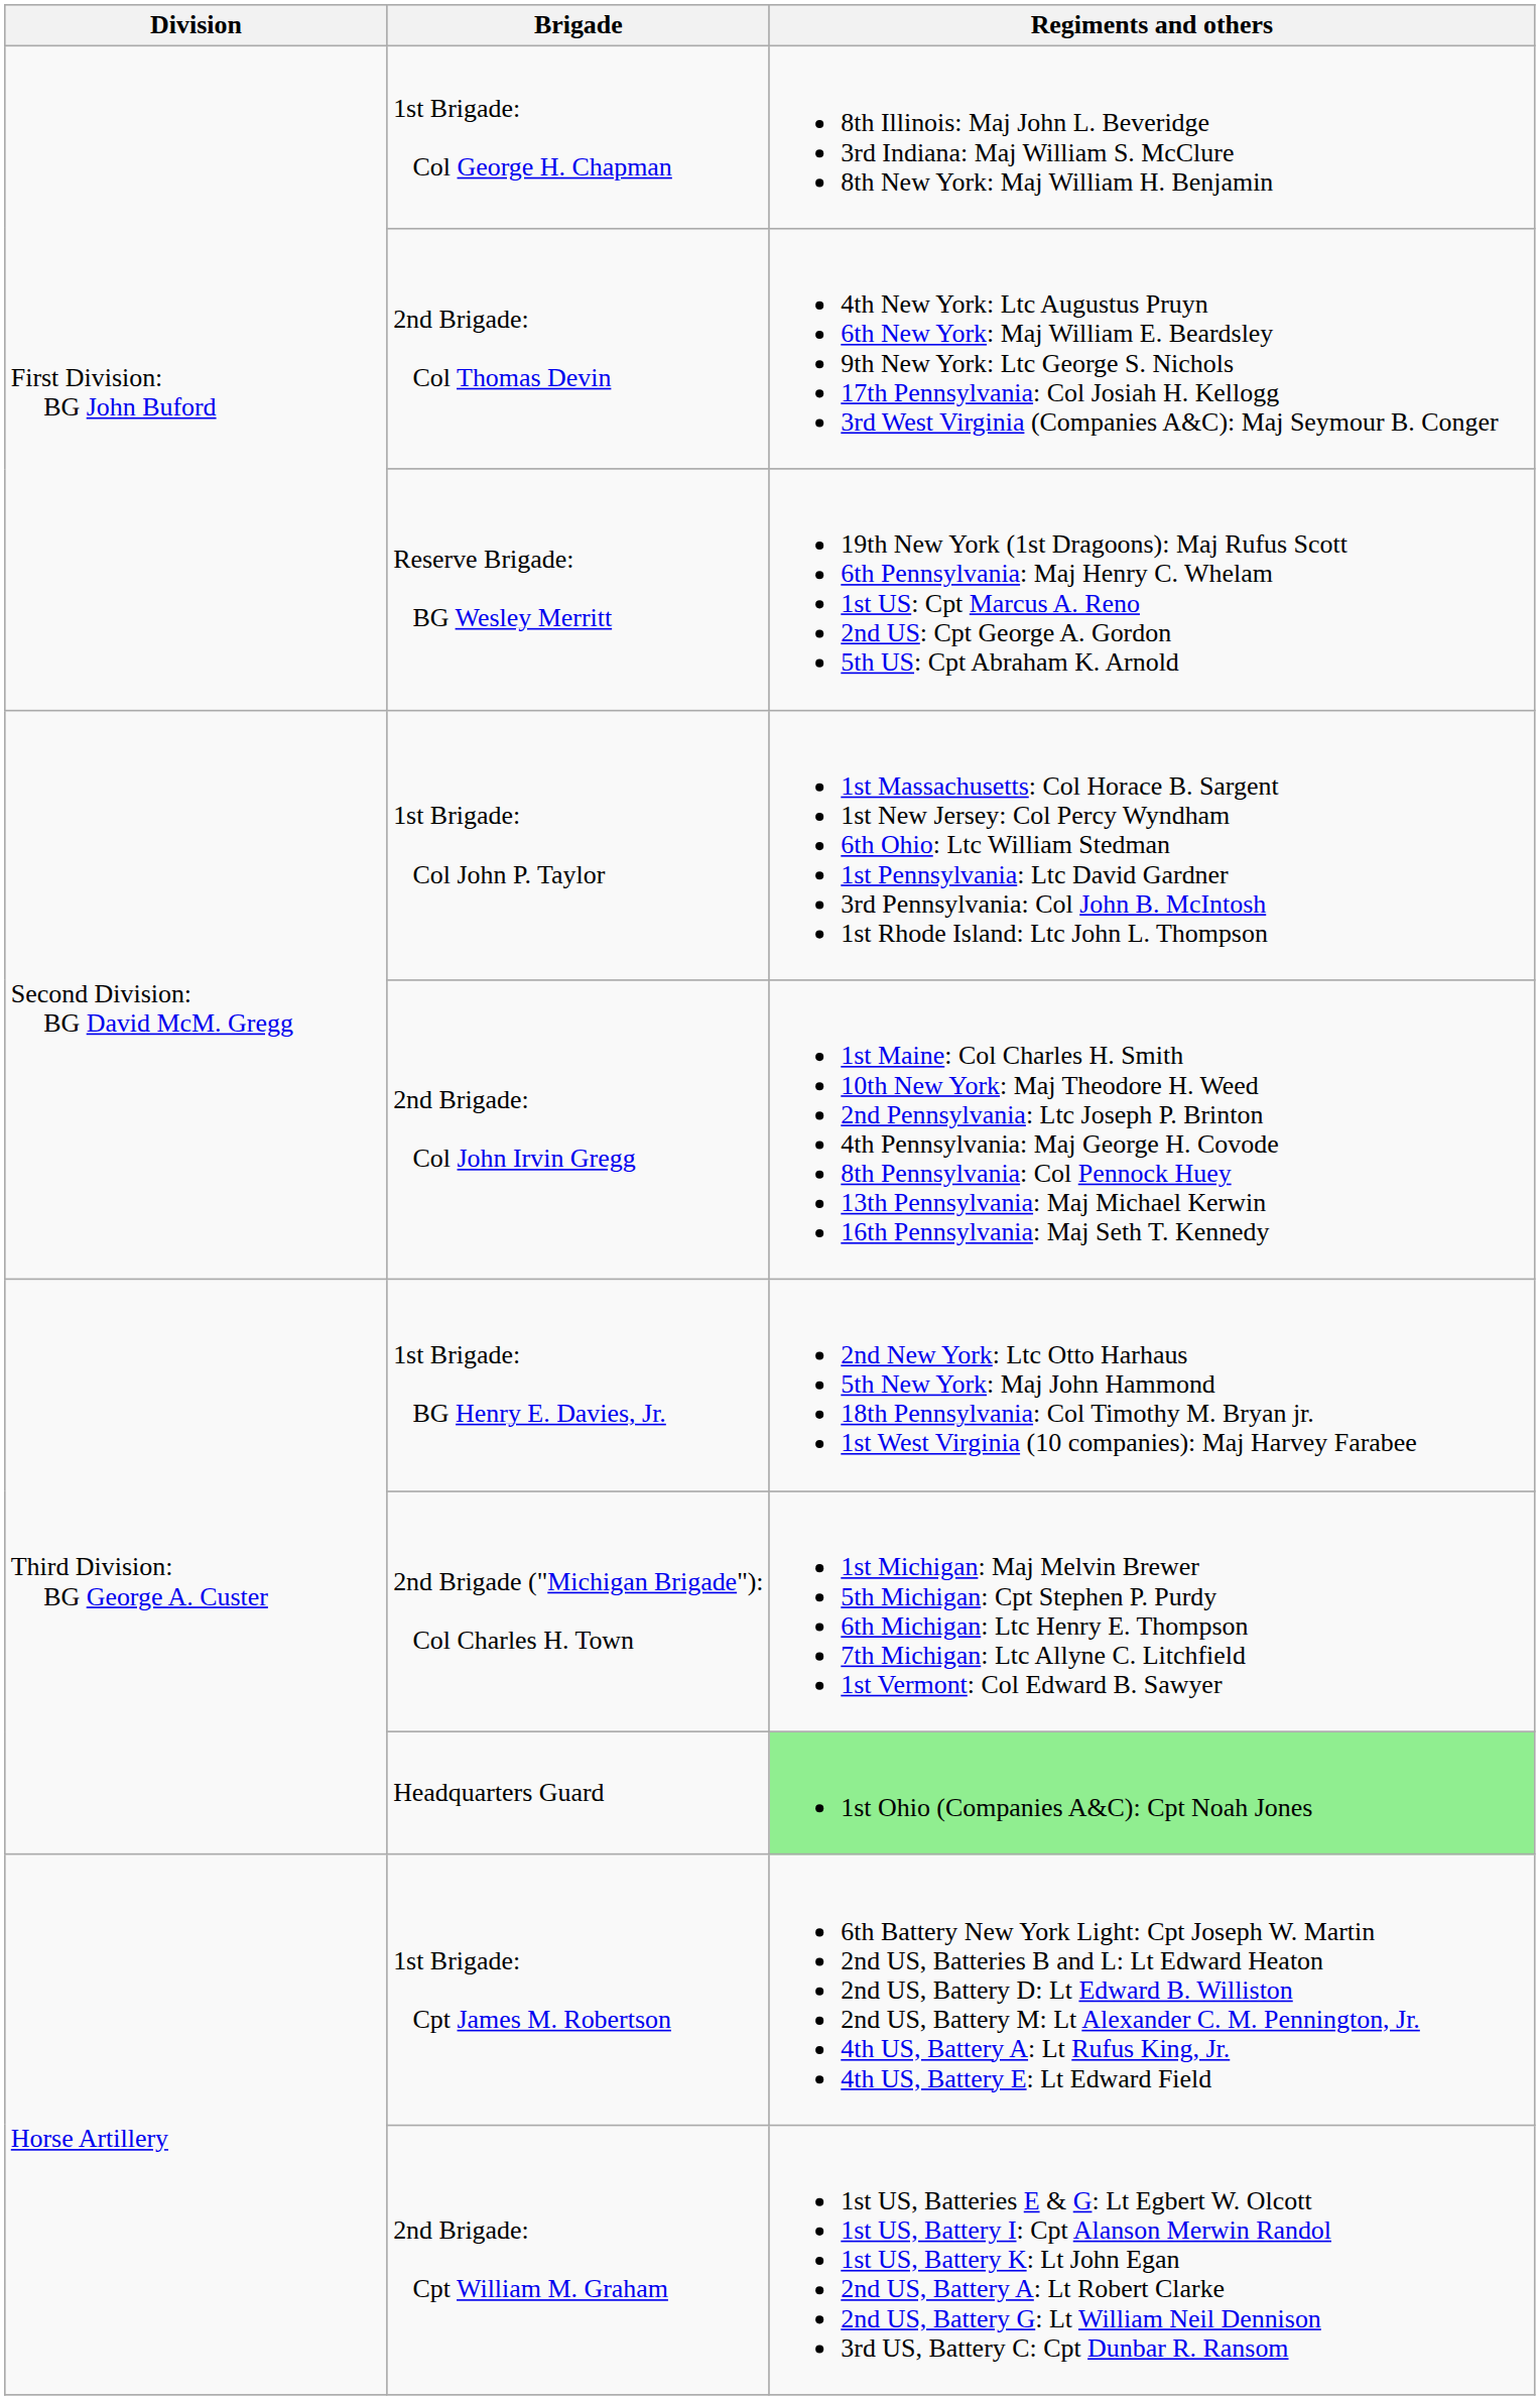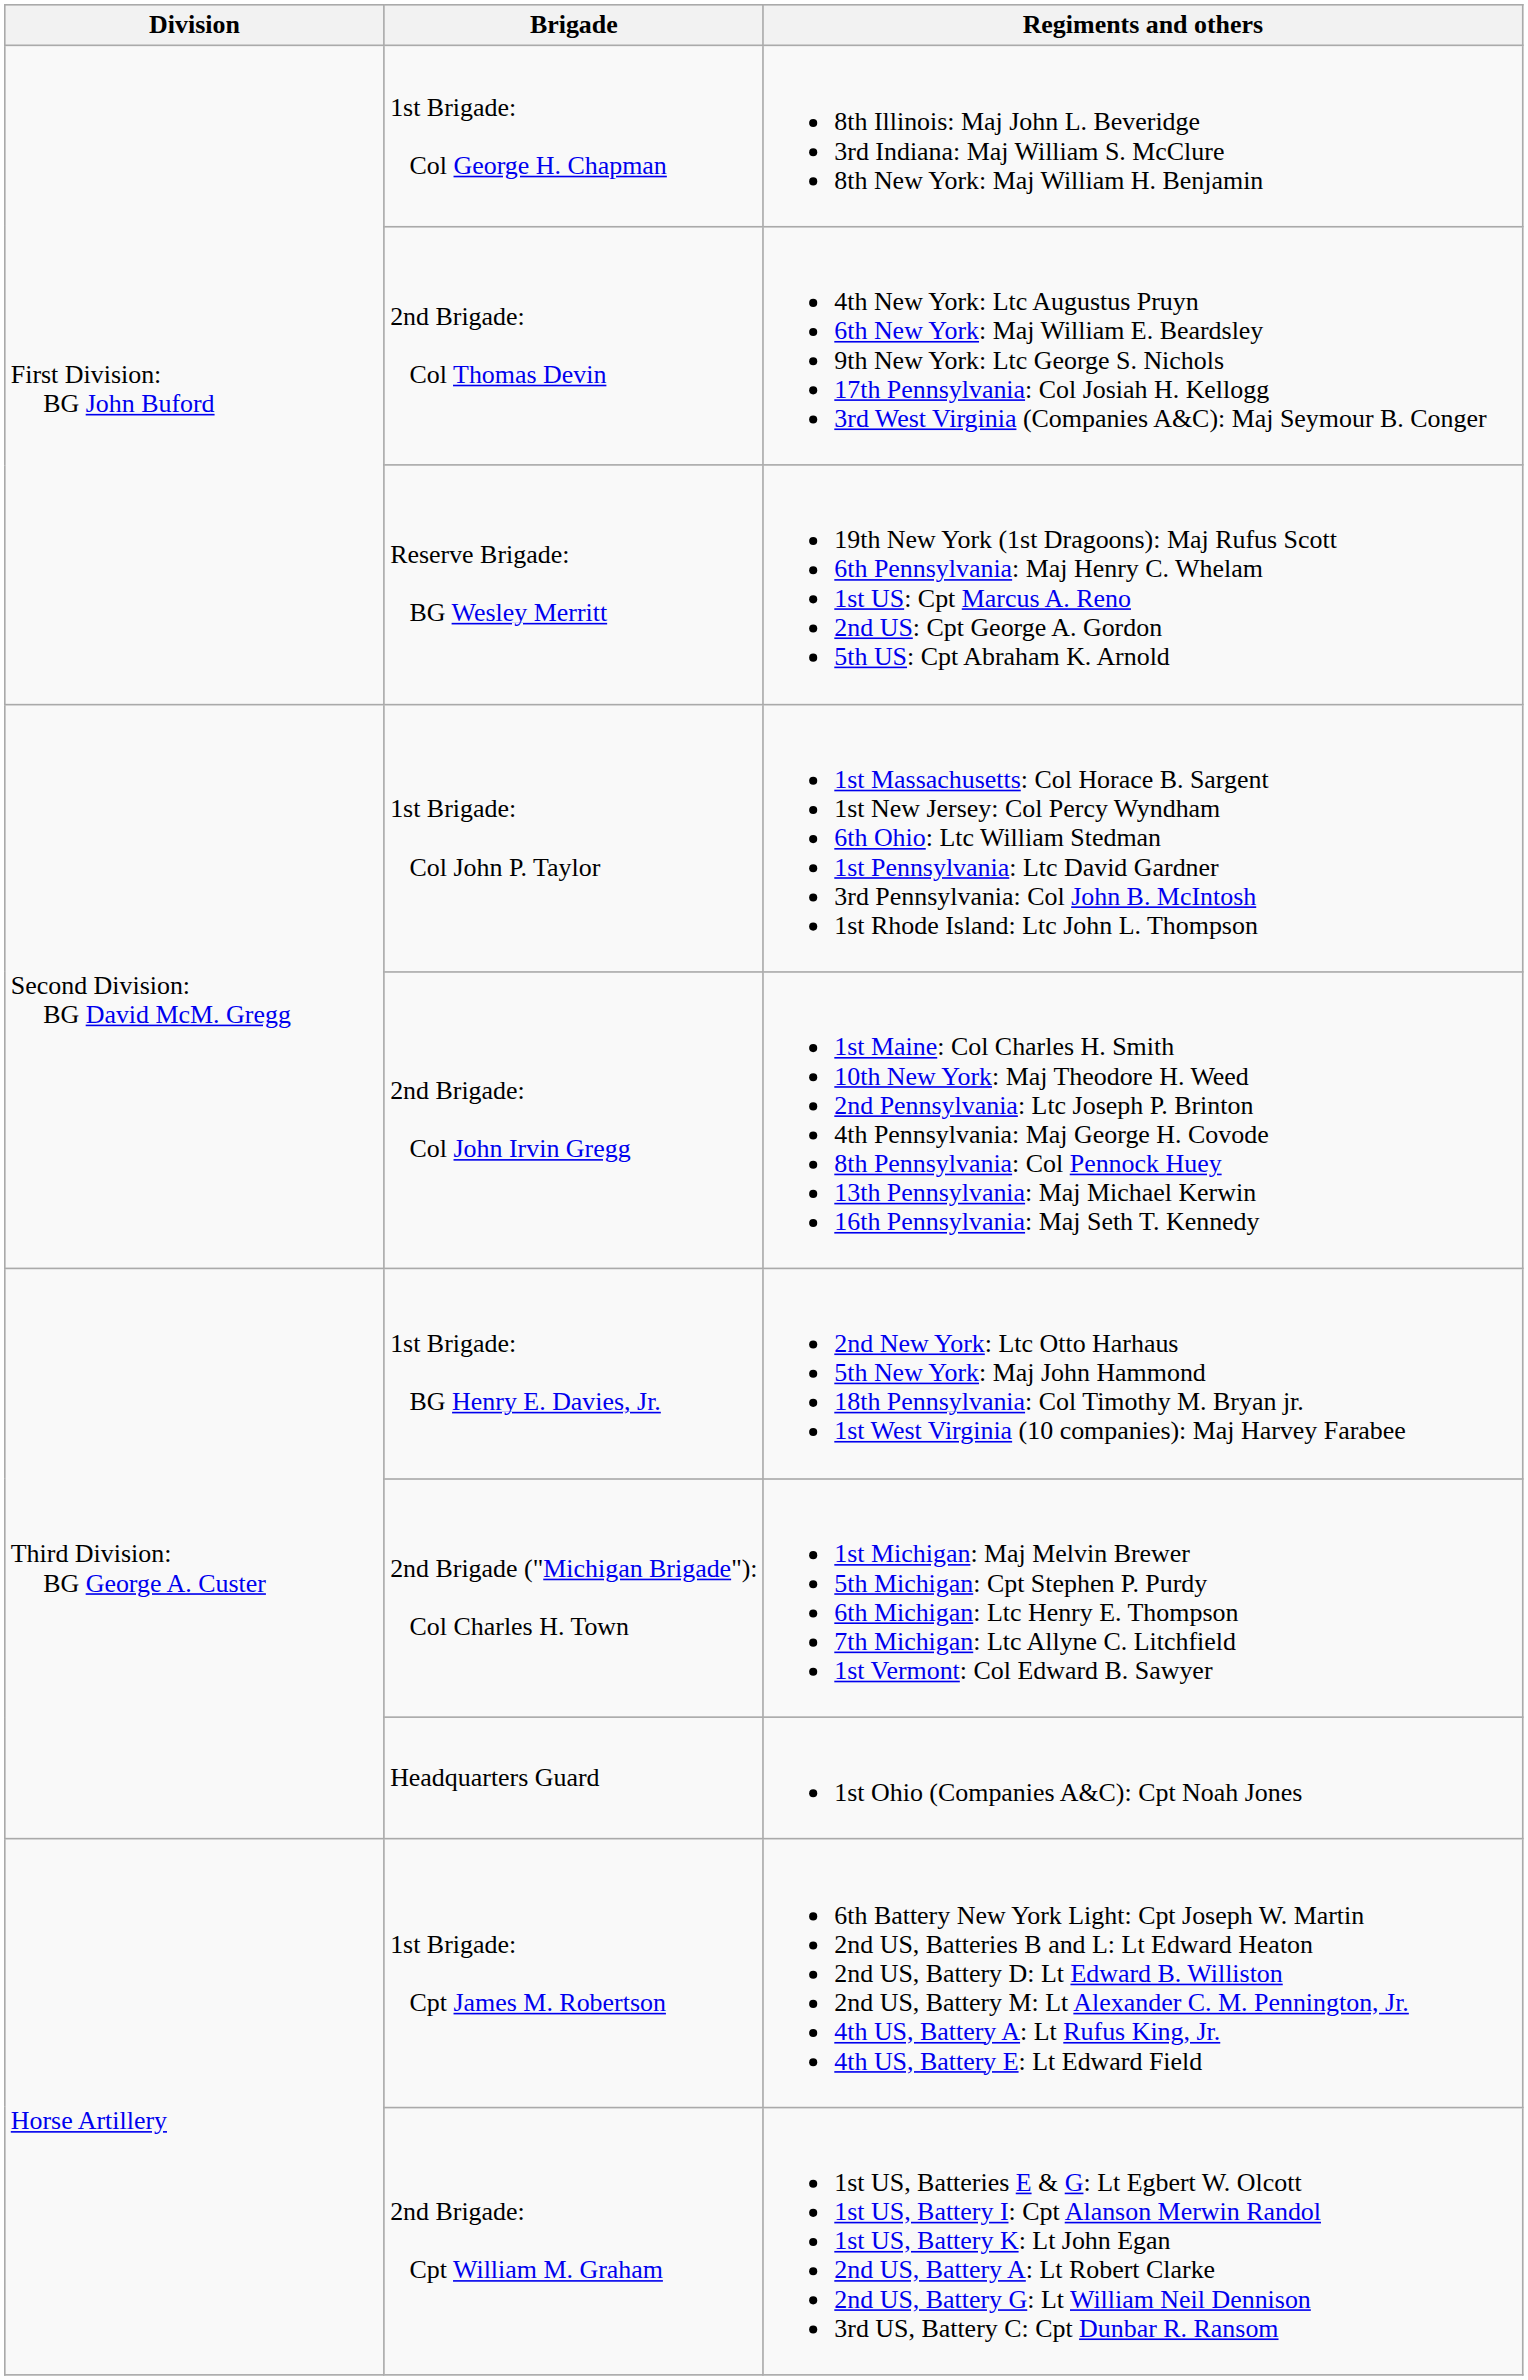 <table class="wikitable">
 <tr>
 <th width=25%>Division</th>
 <th width=25%>Brigade</th>
 <th>Regiments and others</th>
 </tr>
 <tr>
 <td rowspan=3><br>First Division: <br>     BG <a href='#'>John Buford</a></td>
 <td>1st Brigade:<br><br>   Col <a href='#'>George H. Chapman</a></td>
 <td><br><ul><li>8th Illinois: Maj John L. Beveridge</li><li>3rd Indiana: Maj William S. McClure</li><li>8th New York: Maj William H. Benjamin</li></ul></td>
 </tr>
 <tr>
 <td>2nd Brigade:<br><br>   Col <a href='#'>Thomas Devin</a></td>
 <td><br><ul><li>4th New York: Ltc Augustus Pruyn</li><li><a href='#'>6th New York</a>: Maj William E. Beardsley</li><li>9th New York: Ltc George S. Nichols</li><li><a href='#'>17th Pennsylvania</a>: Col Josiah H. Kellogg</li><li><a href='#'>3rd West Virginia</a> (Companies A&C): Maj Seymour B. Conger</li></ul></td>
 </tr>
 <tr>
 <td>Reserve Brigade:<br><br>   BG <a href='#'>Wesley Merritt</a></td>
 <td><br><ul><li>19th New York (1st Dragoons): Maj Rufus Scott</li><li><a href='#'>6th Pennsylvania</a>: Maj Henry C. Whelam</li><li><a href='#'>1st US</a>: Cpt <a href='#'>Marcus A. Reno</a></li><li><a href='#'>2nd US</a>: Cpt George A. Gordon</li><li><a href='#'>5th US</a>: Cpt Abraham K. Arnold</li></ul></td>
 </tr>
 <tr>
 <td rowspan=2><br>Second Division: <br>     BG <a href='#'>David McM. Gregg</a></td>
 <td>1st Brigade:<br><br>   Col John P. Taylor</td>
 <td><br><ul><li><a href='#'>1st Massachusetts</a>: Col Horace B. Sargent</li><li>1st New Jersey: Col Percy Wyndham</li><li><a href='#'>6th Ohio</a>: Ltc William Stedman</li><li><a href='#'>1st Pennsylvania</a>: Ltc David Gardner</li><li>3rd Pennsylvania: Col <a href='#'>John B. McIntosh</a></li><li>1st Rhode Island: Ltc John L. Thompson</li></ul></td>
 </tr>
 <tr>
 <td>2nd Brigade:<br><br>   Col <a href='#'>John Irvin Gregg</a></td>
 <td><br><ul><li><a href='#'>1st Maine</a>: Col Charles H. Smith</li><li><a href='#'>10th New York</a>: Maj Theodore H. Weed</li><li><a href='#'>2nd Pennsylvania</a>: Ltc Joseph P. Brinton</li><li>4th Pennsylvania: Maj George H. Covode</li><li><a href='#'>8th Pennsylvania</a>: Col <a href='#'>Pennock Huey</a></li><li><a href='#'>13th Pennsylvania</a>: Maj Michael Kerwin</li><li><a href='#'>16th Pennsylvania</a>: Maj Seth T. Kennedy</li></ul></td>
 </tr>
 <tr>
 <td rowspan=3><br>Third Division: <br>     BG <a href='#'>George A. Custer</a></td>
 <td>1st Brigade:<br><br>   BG <a href='#'>Henry E. Davies, Jr.</a></td>
 <td><br><ul><li><a href='#'>2nd New York</a>: Ltc Otto Harhaus</li><li><a href='#'>5th New York</a>: Maj John Hammond</li><li><a href='#'>18th Pennsylvania</a>: Col Timothy M. Bryan jr.</li><li><a href='#'>1st West Virginia</a> (10 companies): Maj Harvey Farabee</li></ul></td>
 </tr>
 <tr>
 <td>2nd Brigade ("<a href='#'>Michigan Brigade</a>"):<br><br>   Col Charles H. Town</td>
 <td><br><ul><li><a href='#'>1st Michigan</a>: Maj Melvin Brewer</li><li><a href='#'>5th Michigan</a>: Cpt Stephen P. Purdy</li><li><a href='#'>6th Michigan</a>: Ltc Henry E. Thompson</li><li><a href='#'>7th Michigan</a>: Ltc Allyne C. Litchfield</li><li><a href='#'>1st Vermont</a>: Col Edward B. Sawyer</li></ul></td>
 </tr>
 <tr>
 <td>Headquarters Guard</td>
-<td style="background: lightgreen;"><br><ul><li>1st Ohio (Companies A&C): Cpt Noah Jones</li></ul></td>
+<td><br><ul><li>1st Ohio (Companies A&C): Cpt Noah Jones</li></ul></td>
 </tr>
 <tr>
 <td rowspan=2><br><a href='#'>Horse Artillery</a></td>
 <td>1st Brigade:<br><br>   Cpt <a href='#'>James M. Robertson</a></td>
 <td><br><ul><li>6th Battery New York Light: Cpt Joseph W. Martin</li><li>2nd US, Batteries B and L: Lt Edward Heaton</li><li>2nd US, Battery D: Lt <a href='#'>Edward B. Williston</a></li><li>2nd US, Battery M: Lt <a href='#'>Alexander C. M. Pennington, Jr.</a></li><li><a href='#'>4th US, Battery A</a>: Lt <a href='#'>Rufus King, Jr.</a></li><li><a href='#'>4th US, Battery E</a>: Lt Edward Field</li></ul></td>
 </tr>
 <tr>
 <td>2nd Brigade:<br><br>   Cpt <a href='#'>William M. Graham</a></td>
 <td><br><ul><li>1st US, Batteries <a href='#'>E</a> & <a href='#'>G</a>: Lt Egbert W. Olcott</li><li><a href='#'>1st US, Battery I</a>: Cpt <a href='#'>Alanson Merwin Randol</a></li><li><a href='#'>1st US, Battery K</a>: Lt John Egan</li><li><a href='#'>2nd US, Battery A</a>: Lt Robert Clarke</li><li><a href='#'>2nd US, Battery G</a>: Lt <a href='#'>William Neil Dennison</a></li><li>3rd US, Battery C: Cpt <a href='#'>Dunbar R. Ransom</a></li></ul></td>
 </tr>
 </table>
